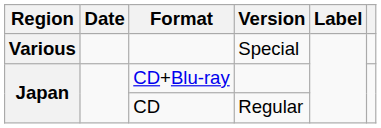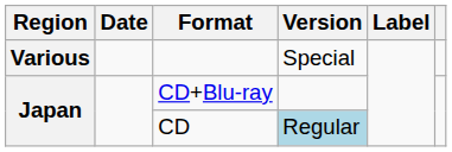 <table class="wikitable plainrowheaders">
 <tr>
 <th scope="col">Region</th>
 <th>Date</th>
 <th>Format</th>
 <th>Version</th>
 <th>Label</th>
 <th></th>
 </tr>
 <tr>
 <th scope="row">Various</th>
 <td></td>
 <td></td>
 <td>Special</td>
 <td rowspan="3"></td>
 <td style="text-align:center"></td>
 </tr>
 <tr>
 <th scope="row" rowspan=2>Japan</th>
 <td rowspan="2"></td>
 <td><a href='#'>CD</a>+<a href='#'>Blu-ray</a></td>
 <td></td>
 <td rowspan="2" style="text-align:center"></td>
 </tr>
 <tr>
 <td>CD</td>
-<td>Regular</td>
+<td style="background: lightblue;">Regular</td>
 </tr>
 </table>
